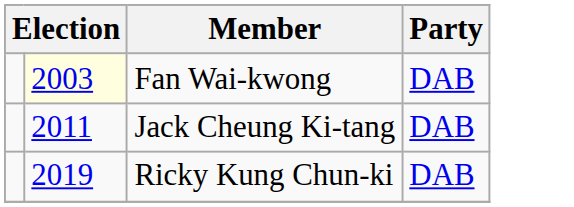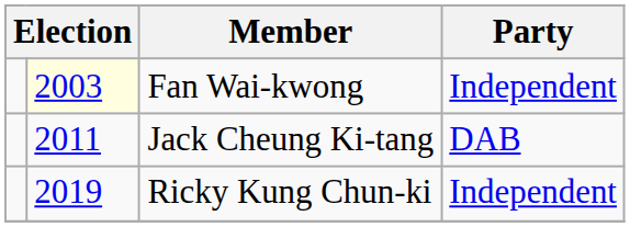 <table class="wikitable">
 <tr>
 <th colspan="2">Election</th>
 <th>Member</th>
 <th>Party</th>
 </tr>
 <tr>
 <td style="background-color:"></td>
 <td style="background: lightyellow;"><a href='#'>2003</a></td>
 <td>Fan Wai-kwong</td>
-<td><a href='#'>DAB</a></td>
+<td><a href='#'>Independent</a></td>
 </tr>
 <tr>
 <td style="background-color:"></td>
 <td><a href='#'>2011</a></td>
 <td>Jack Cheung Ki-tang</td>
 <td><a href='#'>DAB</a></td>
 </tr>
 <tr>
 <td style="background-color:"></td>
 <td><a href='#'>2019</a></td>
 <td>Ricky Kung Chun-ki</td>
-<td><a href='#'>DAB</a></td>
+<td><a href='#'>Independent</a></td>
 </tr>
 <tr>
 </tr>
 </table>
